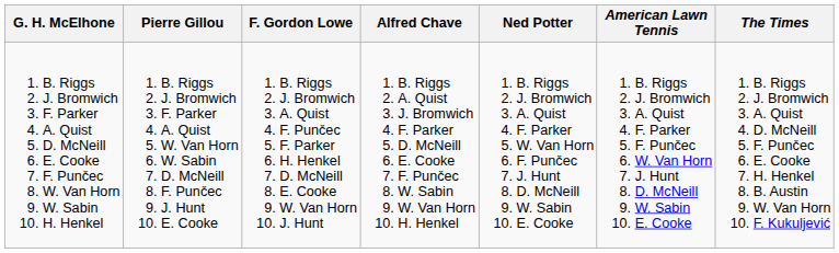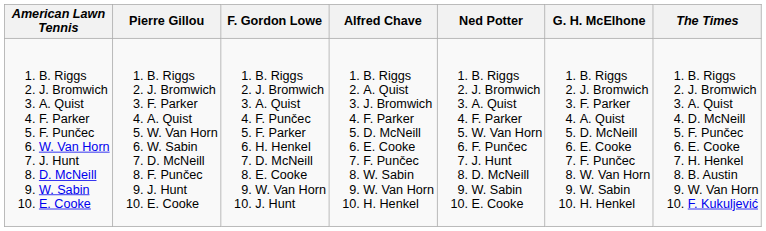 <table class="wikitable">
 <tr>
-<th>G. H. McElhone</th>
+<th><em>American Lawn Tennis</em></th>
 <th>Pierre Gillou</th>
 <th>F. Gordon Lowe</th>
 <th>Alfred Chave</th>
 <th>Ned Potter</th>
-<th><em>American Lawn Tennis</em></th>
+<th>G. H. McElhone</th>
 <th><em>The Times</em></th>
 </tr>
 <tr style="vertical-align: top;">
-<td style="white-space: nowrap;"><br><ol><li> B. Riggs</li><li> J. Bromwich</li><li> F. Parker</li><li> A. Quist</li><li> D. McNeill</li><li> E. Cooke</li><li> F. Punčec</li><li> W. Van Horn</li><li> W. Sabin</li><li> H. Henkel</li></ol></td>
+<td style="white-space: nowrap;"><br><ol><li> B. Riggs</li><li> J. Bromwich</li><li> A. Quist</li><li> F. Parker</li><li> F. Punčec</li><li> <a href='#'>W. Van Horn</a></li><li> J. Hunt</li><li> <a href='#'>D. McNeill</a></li><li> <a href='#'>W. Sabin</a></li><li> <a href='#'>E. Cooke</a></li></ol></td>
 <td style="white-space: nowrap;"><br><ol><li> B. Riggs</li><li> J. Bromwich</li><li> F. Parker</li><li> A. Quist</li><li> W. Van Horn</li><li> W. Sabin</li><li> D. McNeill</li><li> F. Punčec</li><li> J. Hunt</li><li> E. Cooke</li></ol></td>
 <td style="white-space: nowrap;"><br><ol><li> B. Riggs</li><li> J. Bromwich</li><li> A. Quist</li><li> F. Punčec</li><li> F. Parker</li><li> H. Henkel</li><li> D. McNeill</li><li> E. Cooke</li><li> W. Van Horn</li><li> J. Hunt</li></ol></td>
 <td style="white-space: nowrap;"><br><ol><li> B. Riggs</li><li> A. Quist</li><li> J. Bromwich</li><li> F. Parker</li><li> D. McNeill</li><li> E. Cooke</li><li> F. Punčec</li><li> W. Sabin</li><li> W. Van Horn</li><li> H. Henkel</li></ol></td>
 <td style="white-space: nowrap;"><br><ol><li> B. Riggs</li><li> J. Bromwich</li><li> A. Quist</li><li> F. Parker</li><li> W. Van Horn</li><li> F. Punčec</li><li> J. Hunt</li><li> D. McNeill</li><li> W. Sabin</li><li> E. Cooke</li></ol></td>
-<td style="white-space: nowrap;"><br><ol><li> B. Riggs</li><li> J. Bromwich</li><li> A. Quist</li><li> F. Parker</li><li> F. Punčec</li><li> <a href='#'>W. Van Horn</a></li><li> J. Hunt</li><li> <a href='#'>D. McNeill</a></li><li> <a href='#'>W. Sabin</a></li><li> <a href='#'>E. Cooke</a></li></ol></td>
+<td style="white-space: nowrap;"><br><ol><li> B. Riggs</li><li> J. Bromwich</li><li> F. Parker</li><li> A. Quist</li><li> D. McNeill</li><li> E. Cooke</li><li> F. Punčec</li><li> W. Van Horn</li><li> W. Sabin</li><li> H. Henkel</li></ol></td>
 <td style="white-space: nowrap;"><br><ol><li> B. Riggs</li><li> J. Bromwich</li><li> A. Quist</li><li> D. McNeill</li><li> F. Punčec</li><li> E. Cooke</li><li> H. Henkel</li><li> B. Austin</li><li> W. Van Horn</li><li> <a href='#'>F. Kukuljević</a></li></ol></td>
 </tr>
 </table>
